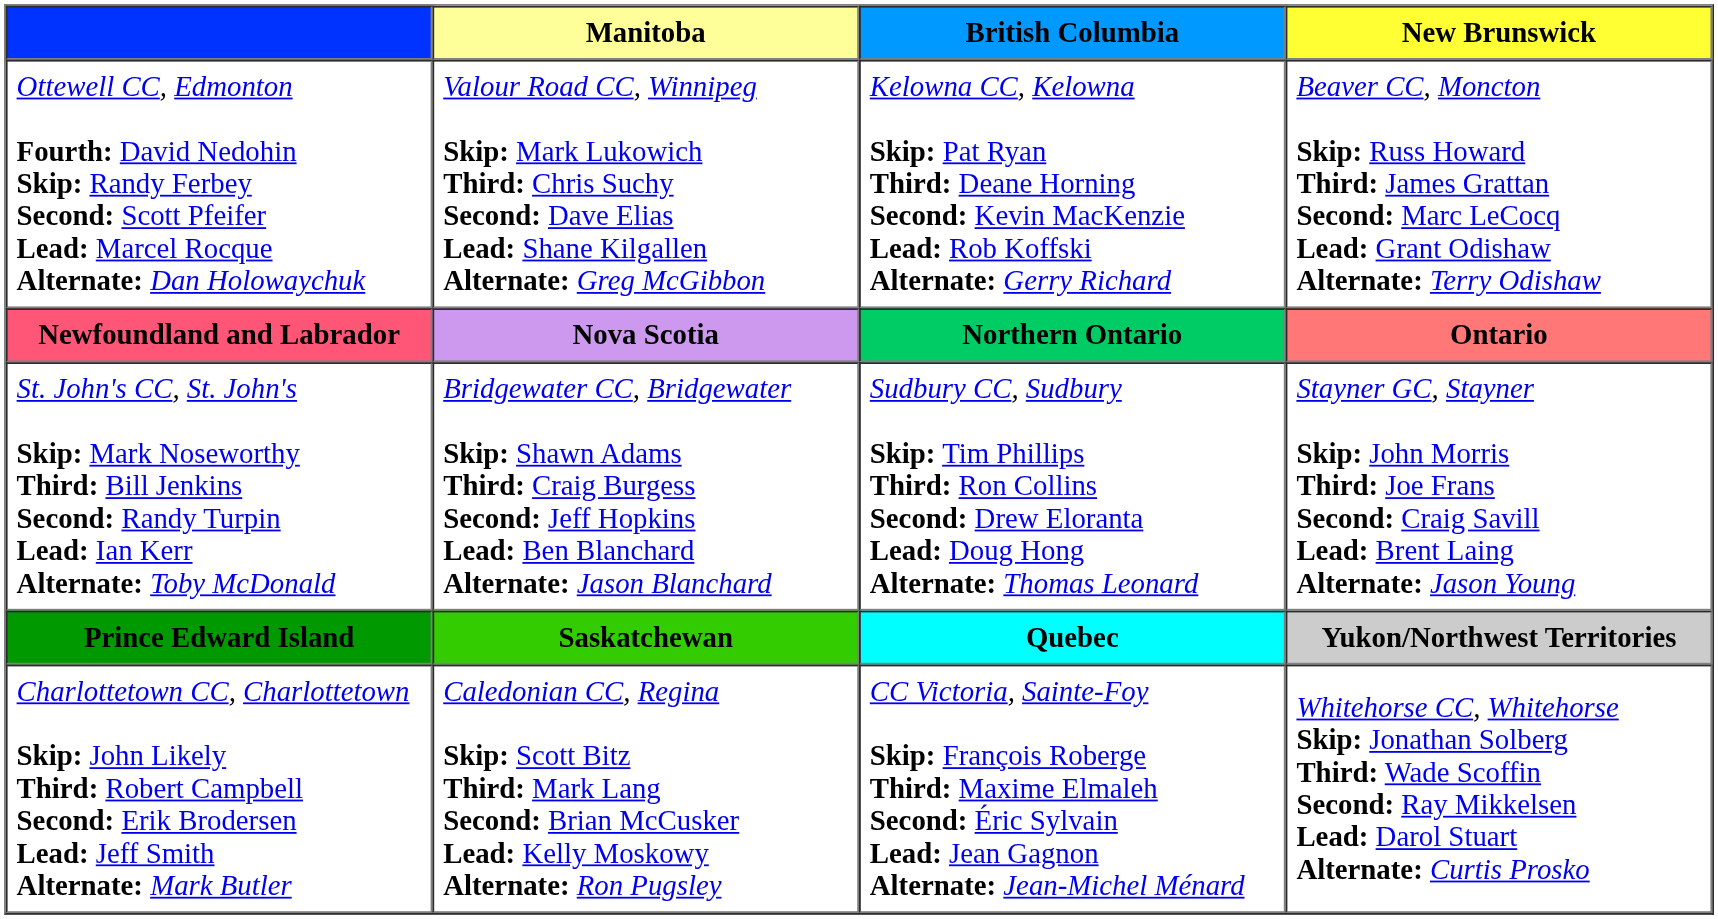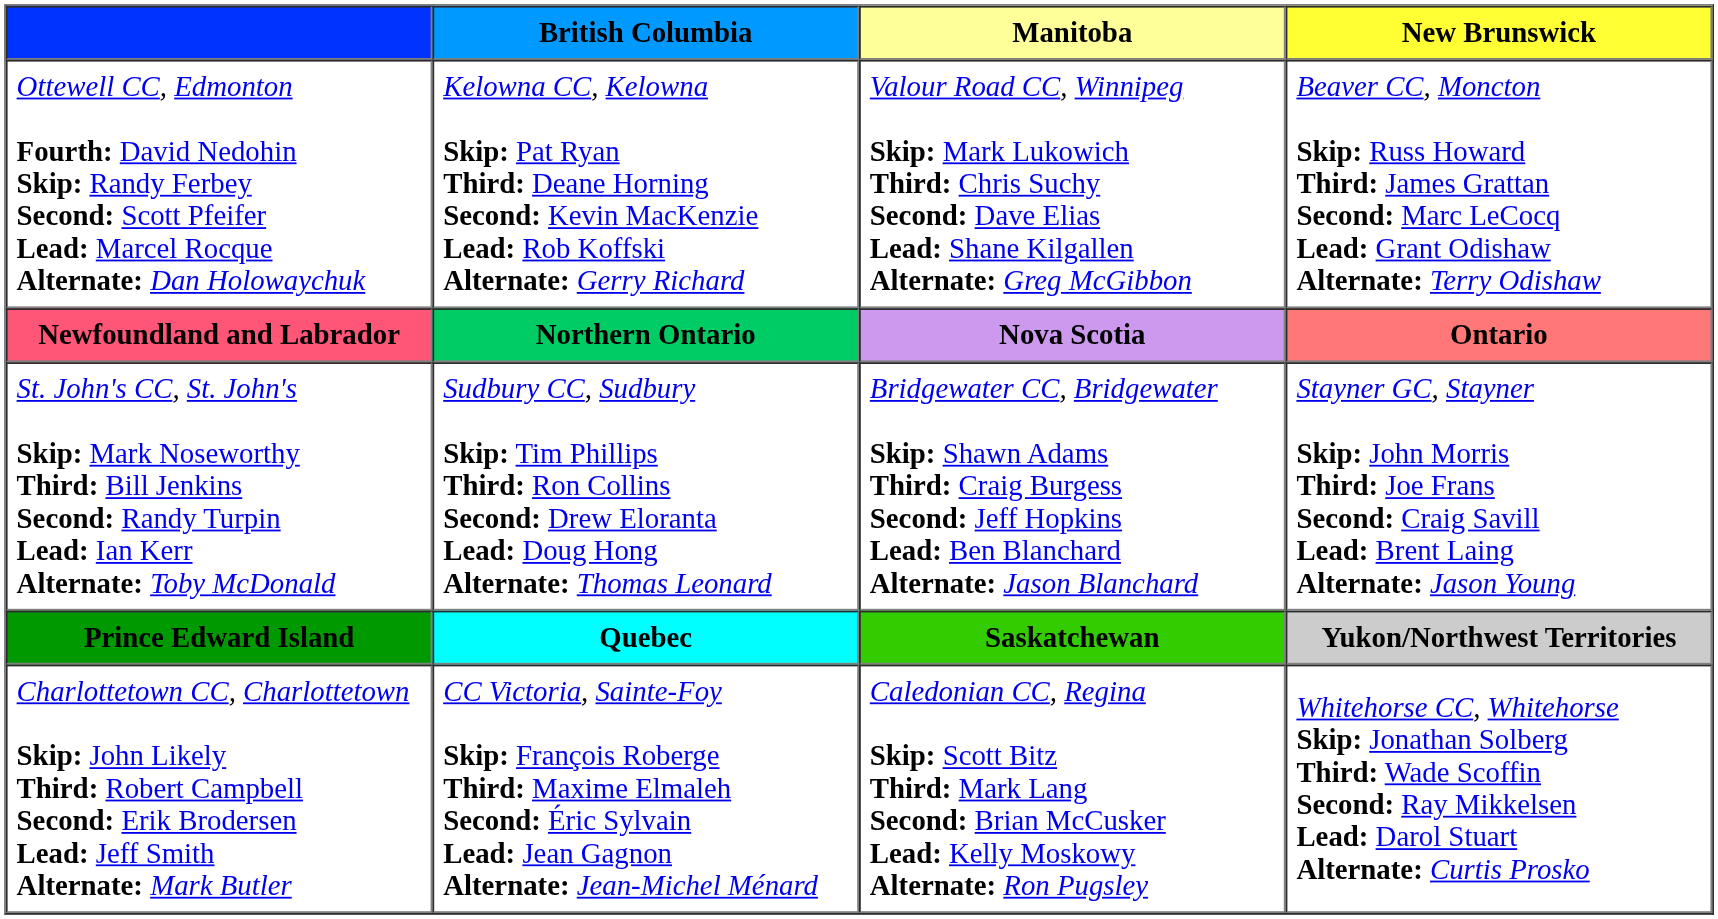 <table border=1 cellpadding=5 cellspacing=0>
 <tr>
 <th bgcolor="#0033ff" width="225"></th>
+<th bgcolor="#0099ff" width="225">British Columbia</th>
 <th bgcolor="#ffff99" width="225">Manitoba</th>
-<th bgcolor="#0099ff" width="225">British Columbia</th>
 <th bgcolor="#ffff33" width="225">New Brunswick</th>
 </tr>
 <tr align=center>
 <td align=left><em><a href='#'>Ottewell CC</a>, <a href='#'>Edmonton</a></em> <br><br><strong>Fourth:</strong> <a href='#'>David Nedohin</a> <br> <strong>Skip:</strong> <a href='#'>Randy Ferbey</a> <br> <strong>Second:</strong> <a href='#'>Scott Pfeifer</a> <br> <strong>Lead:</strong> <a href='#'>Marcel Rocque</a> <br> <strong>Alternate:</strong> <em><a href='#'>Dan Holowaychuk</a></em></td>
+<td align=left><em><a href='#'>Kelowna CC</a>, <a href='#'>Kelowna</a></em> <br><br><strong>Skip:</strong> <a href='#'>Pat Ryan</a> <br> <strong>Third:</strong> <a href='#'>Deane Horning</a> <br> <strong>Second:</strong> <a href='#'>Kevin MacKenzie</a> <br> <strong>Lead:</strong>  <a href='#'>Rob Koffski</a><br> <strong>Alternate:</strong> <em><a href='#'>Gerry Richard</a></em></td>
 <td align=left><em><a href='#'>Valour Road CC</a>, <a href='#'>Winnipeg</a></em> <br><br><strong>Skip:</strong> <a href='#'>Mark Lukowich</a> <br> <strong>Third:</strong> <a href='#'>Chris Suchy</a> <br> <strong>Second:</strong> <a href='#'>Dave Elias</a> <br> <strong>Lead:</strong> <a href='#'>Shane Kilgallen</a> <br> <strong>Alternate:</strong> <em><a href='#'>Greg McGibbon</a></em></td>
-<td align=left><em><a href='#'>Kelowna CC</a>, <a href='#'>Kelowna</a></em> <br><br><strong>Skip:</strong> <a href='#'>Pat Ryan</a> <br> <strong>Third:</strong> <a href='#'>Deane Horning</a> <br> <strong>Second:</strong> <a href='#'>Kevin MacKenzie</a> <br> <strong>Lead:</strong>  <a href='#'>Rob Koffski</a><br> <strong>Alternate:</strong> <em><a href='#'>Gerry Richard</a></em></td>
 <td align=left><em><a href='#'>Beaver CC</a>, <a href='#'>Moncton</a></em> <br><br><strong>Skip:</strong> <a href='#'>Russ Howard</a> <br> <strong>Third:</strong> <a href='#'>James Grattan</a> <br> <strong>Second:</strong> <a href='#'>Marc LeCocq</a> <br> <strong>Lead:</strong> <a href='#'>Grant Odishaw</a> <br> <strong>Alternate:</strong> <em><a href='#'>Terry Odishaw</a></em></td>
 </tr>
 <tr border=1 cellpadding=5 cellspacing=0>
 <th bgcolor="#ff5577" width="200">Newfoundland and Labrador</th>
+<th bgcolor="#00CC66" width="200">Northern Ontario</th>
 <th bgcolor="#cc99ee" width="200">Nova Scotia</th>
-<th bgcolor="#00CC66" width="200">Northern Ontario</th>
 <th bgcolor="#ff7777" width="200">Ontario</th>
 </tr>
 <tr align=center>
 <td align=left><em><a href='#'>St. John's CC</a>, <a href='#'>St. John's</a></em> <br><br><strong>Skip:</strong> <a href='#'>Mark Noseworthy</a> <br> <strong>Third:</strong> <a href='#'>Bill Jenkins</a> <br> <strong>Second:</strong> <a href='#'>Randy Turpin</a> <br> <strong>Lead:</strong> <a href='#'>Ian Kerr</a> <br> <strong>Alternate:</strong> <em><a href='#'>Toby McDonald</a></em></td>
+<td align=left><em><a href='#'>Sudbury CC</a>, <a href='#'>Sudbury</a></em> <br><br><strong>Skip:</strong> <a href='#'>Tim Phillips</a> <br> <strong>Third:</strong> <a href='#'>Ron Collins</a> <br> <strong>Second:</strong> <a href='#'>Drew Eloranta</a> <br> <strong>Lead:</strong> <a href='#'>Doug Hong</a> <br> <strong>Alternate:</strong> <em><a href='#'>Thomas Leonard</a></em></td>
 <td align=left><em><a href='#'>Bridgewater CC</a>, <a href='#'>Bridgewater</a></em> <br><br><strong>Skip:</strong> <a href='#'>Shawn Adams</a> <br> <strong>Third:</strong> <a href='#'>Craig Burgess</a> <br> <strong>Second:</strong> <a href='#'>Jeff Hopkins</a> <br> <strong>Lead:</strong> <a href='#'>Ben Blanchard</a> <br> <strong>Alternate:</strong> <em><a href='#'>Jason Blanchard</a></em></td>
-<td align=left><em><a href='#'>Sudbury CC</a>, <a href='#'>Sudbury</a></em> <br><br><strong>Skip:</strong> <a href='#'>Tim Phillips</a> <br> <strong>Third:</strong> <a href='#'>Ron Collins</a> <br> <strong>Second:</strong> <a href='#'>Drew Eloranta</a> <br> <strong>Lead:</strong> <a href='#'>Doug Hong</a> <br> <strong>Alternate:</strong> <em><a href='#'>Thomas Leonard</a></em></td>
 <td align=left><em><a href='#'>Stayner GC</a>, <a href='#'>Stayner</a></em>  <br><br><strong>Skip:</strong> <a href='#'>John Morris</a> <br> <strong>Third:</strong> <a href='#'>Joe Frans</a> <br> <strong>Second:</strong> <a href='#'>Craig Savill</a> <br> <strong>Lead:</strong> <a href='#'>Brent Laing</a> <br> <strong>Alternate:</strong> <em><a href='#'>Jason Young</a></em></td>
 </tr>
 <tr border=1 cellpadding=5 cellspacing=0>
 <th bgcolor="#009900" width="200">Prince Edward Island</th>
+<th bgcolor="#00ffff" width="200">Quebec</th>
 <th bgcolor="#33cc00" width="200">Saskatchewan</th>
-<th bgcolor="#00ffff" width="200">Quebec</th>
 <th bgcolor="#cccccc" width="200">Yukon/Northwest Territories</th>
 </tr>
 <tr align=center>
 <td align=left><em><a href='#'>Charlottetown CC</a>, <a href='#'>Charlottetown</a></em> <br><br><strong>Skip:</strong> <a href='#'>John Likely</a> <br> <strong>Third:</strong> <a href='#'>Robert Campbell</a> <br> <strong>Second:</strong> <a href='#'>Erik Brodersen</a><br> <strong>Lead:</strong> <a href='#'>Jeff Smith</a> <br> <strong>Alternate:</strong> <em><a href='#'>Mark Butler</a></em></td>
+<td align=left><em><a href='#'>CC Victoria</a>, <a href='#'>Sainte-Foy</a></em> <br><br><strong>Skip:</strong> <a href='#'>François Roberge</a> <br> <strong>Third:</strong> <a href='#'>Maxime Elmaleh</a> <br> <strong>Second:</strong> <a href='#'>Éric Sylvain</a> <br> <strong>Lead:</strong> <a href='#'>Jean Gagnon</a> <br> <strong>Alternate:</strong> <em><a href='#'>Jean-Michel Ménard</a></em></td>
 <td align=left><em><a href='#'>Caledonian CC</a>, <a href='#'>Regina</a></em> <br><br><strong>Skip:</strong> <a href='#'>Scott Bitz</a> <br> <strong>Third:</strong> <a href='#'>Mark Lang</a> <br> <strong>Second:</strong> <a href='#'>Brian McCusker</a> <br> <strong>Lead:</strong> <a href='#'>Kelly Moskowy</a> <br> <strong>Alternate:</strong> <em><a href='#'>Ron Pugsley</a></em></td>
-<td align=left><em><a href='#'>CC Victoria</a>, <a href='#'>Sainte-Foy</a></em> <br><br><strong>Skip:</strong> <a href='#'>François Roberge</a> <br> <strong>Third:</strong> <a href='#'>Maxime Elmaleh</a> <br> <strong>Second:</strong> <a href='#'>Éric Sylvain</a> <br> <strong>Lead:</strong> <a href='#'>Jean Gagnon</a> <br> <strong>Alternate:</strong> <em><a href='#'>Jean-Michel Ménard</a></em></td>
 <td align=left><em><a href='#'>Whitehorse CC</a>, <a href='#'>Whitehorse</a></em><br><strong>Skip:</strong> <a href='#'>Jonathan Solberg</a> <br> <strong>Third:</strong> <a href='#'>Wade Scoffin</a> <br> <strong>Second:</strong> <a href='#'>Ray Mikkelsen</a> <br> <strong>Lead:</strong> <a href='#'>Darol Stuart</a> <br> <strong>Alternate:</strong> <em><a href='#'>Curtis Prosko</a></em></td>
 </tr>
 </table>
